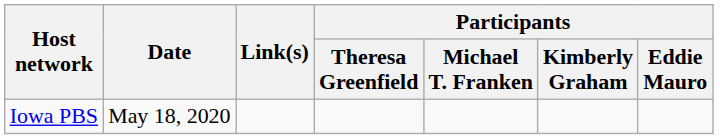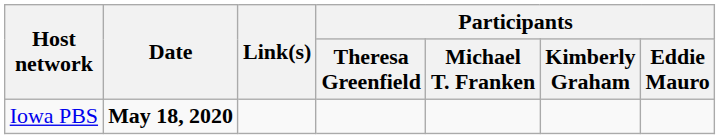 <table class="wikitable">
 <tr>
 <th rowspan="2">Host<br>network</th>
 <th rowspan="2">Date</th>
 <th rowspan="2">Link(s)</th>
 <th colspan="4">Participants</th>
 </tr>
 <tr>
 <th>Theresa<br>Greenfield</th>
 <th>Michael<br>T. Franken</th>
 <th>Kimberly<br>Graham</th>
 <th>Eddie<br>Mauro</th>
 </tr>
 <tr>
 <td align="center"><a href='#'>Iowa PBS</a></td>
-<td align="center">May 18, 2020</td>
+<td align="center"><strong>May 18, 2020</strong></td>
 <td align="center"></td>
 <td></td>
 <td></td>
 <td></td>
 <td></td>
 </tr>
 </table>
